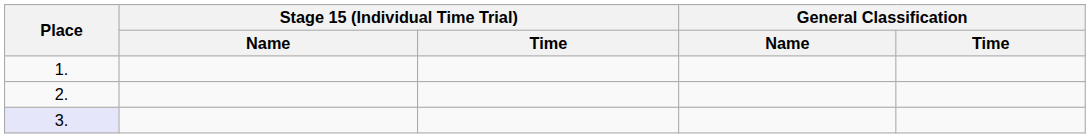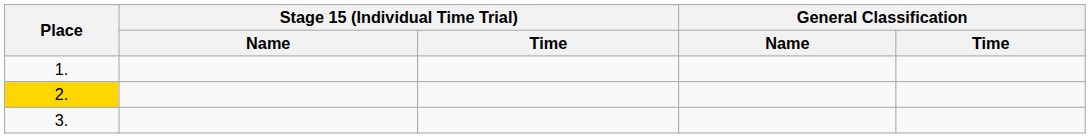 <table class=wikitable style="font-size:95%" width="80%">
 <tr>
 <th rowspan="2">Place</th>
 <th colspan="2">Stage 15 (Individual Time Trial)</th>
 <th colspan="2">General Classification</th>
 </tr>
 <tr>
 <th>Name</th>
 <th>Time</th>
 <th>Name</th>
 <th>Time</th>
 </tr>
 <tr>
 <td align="center">1.</td>
 <td></td>
 <td></td>
 <td></td>
 <td></td>
 </tr>
 <tr>
-<td align="center">2.</td>
+<td align="center" style="background: gold;">2.</td>
 <td></td>
 <td></td>
 <td></td>
 <td></td>
 </tr>
 <tr>
-<td align="center" style="background: lavender;">3.</td>
+<td align="center">3.</td>
 <td></td>
 <td></td>
 <td></td>
 <td></td>
 </tr>
 </table>
